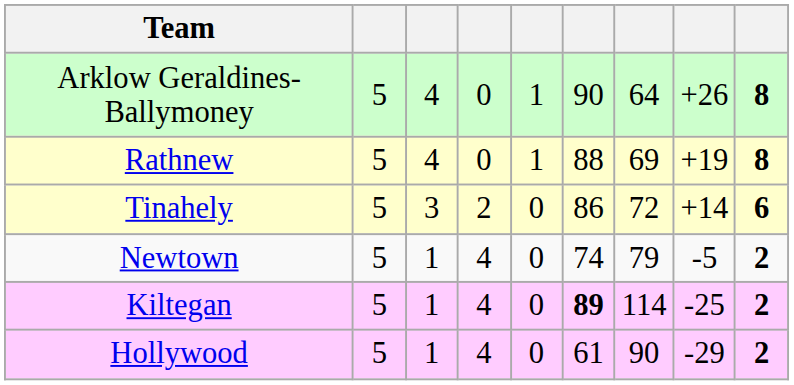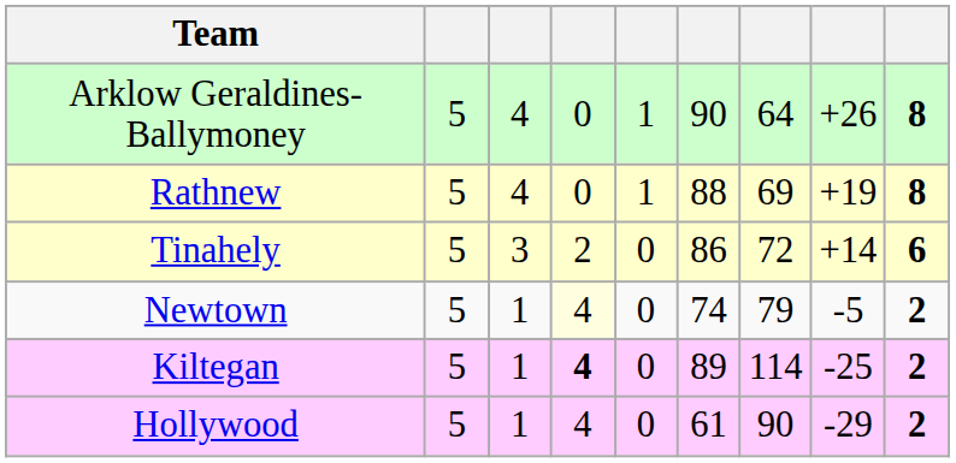 <table class="wikitable" style="text-align:center">
 <tr>
 <th style="width:175px;">Team</th>
 <th width="20"></th>
 <th width="20"></th>
 <th width="20"></th>
 <th width="20"></th>
 <th width="20"></th>
 <th width="20"></th>
 <th width="20"></th>
 <th width="20"></th>
 </tr>
 <tr style="background:#cfc;">
 <td>Arklow Geraldines-Ballymoney</td>
 <td>5</td>
 <td>4</td>
 <td>0</td>
 <td>1</td>
 <td>90</td>
 <td>64</td>
 <td>+26</td>
 <td><strong>8</strong></td>
 </tr>
 <tr style="background:#ffffcc;">
 <td><a href='#'>Rathnew</a></td>
 <td>5</td>
 <td>4</td>
 <td>0</td>
 <td>1</td>
 <td>88</td>
 <td>69</td>
 <td>+19</td>
 <td><strong>8</strong></td>
 </tr>
 <tr style="background:#ffffcc;">
 <td><a href='#'>Tinahely</a></td>
 <td>5</td>
 <td>3</td>
 <td>2</td>
 <td>0</td>
 <td>86</td>
 <td>72</td>
 <td>+14</td>
 <td><strong>6</strong></td>
 </tr>
 <tr>
 <td><a href='#'>Newtown</a></td>
 <td>5</td>
 <td>1</td>
-<td>4</td>
+<td style="background: lightyellow;">4</td>
 <td>0</td>
 <td>74</td>
 <td>79</td>
 <td>-5</td>
 <td><strong>2</strong></td>
 </tr>
 <tr style="background:#fcf;">
 <td><a href='#'>Kiltegan</a></td>
 <td>5</td>
 <td>1</td>
-<td>4</td>
+<td><strong>4</strong></td>
 <td>0</td>
-<td><strong>89</strong></td>
+<td>89</td>
 <td>114</td>
 <td>-25</td>
 <td><strong>2</strong></td>
 </tr>
 <tr style="background:#fcf;">
 <td><a href='#'>Hollywood</a></td>
 <td>5</td>
 <td>1</td>
 <td>4</td>
 <td>0</td>
 <td>61</td>
 <td>90</td>
 <td>-29</td>
 <td><strong>2</strong></td>
 </tr>
 </table>
